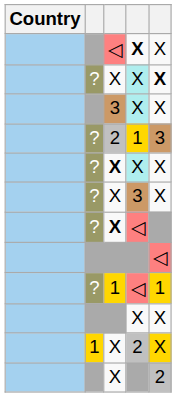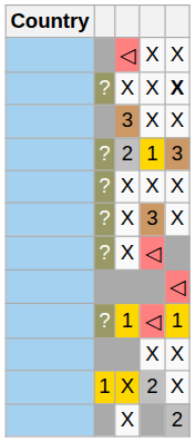 <table class="wikitable collapsible collapsed" style="margin:10px;text-align:center;">
 <tr>
 <th scope="col">Country</th>
 <th scope="col"></th>
 <th scope="col"></th>
 <th scope="col"></th>
 <th scope="col"></th>
 </tr>
 <tr>
 <td bgcolor="#A4D1EF" align=left> </td>
 <td bgcolor="#AAA"></td>
 <td bgcolor="FE8080">◁</td>
-<td><strong>X</strong></td>
+<td>X</td>
 <td>X</td>
 </tr>
 <tr>
 <td bgcolor="#A4D1EF" align=left> </td>
 <td style="background:#996;color:white;">?</td>
 <td>X</td>
-<td style="background: paleturquoise;">X</td>
+<td>X</td>
 <td><strong>X</strong></td>
 </tr>
 <tr>
 <td bgcolor="#A4D1EF" align=left> </td>
 <td bgcolor="#AAA"></td>
 <td style="background:#C96;">3</td>
-<td style="background: paleturquoise;">X</td>
+<td>X</td>
 <td>X</td>
 </tr>
 <tr>
 <td bgcolor="#A4D1EF" align=left> </td>
 <td style="background:#996;color:white;">?</td>
 <td style="background:silver">2</td>
 <td style="background:gold">1</td>
 <td style="background:#C96;">3</td>
 </tr>
 <tr>
 <td bgcolor="#A4D1EF" align=left> </td>
 <td style="background:#996;color:white;">?</td>
-<td><strong>X</strong></td>
-<td style="background: paleturquoise;">X</td>
+<td>X</td>
+<td>X</td>
 <td>X</td>
 </tr>
 <tr>
 <td bgcolor="#A4D1EF" align=left> </td>
 <td style="background:#996;color:white;">?</td>
 <td>X</td>
 <td style="background:#C96;">3</td>
 <td>X</td>
 </tr>
 <tr>
 <td bgcolor="#A4D1EF" align=left> </td>
 <td style="background:#996;color:white;">?</td>
-<td><strong>X</strong></td>
+<td>X</td>
 <td bgcolor="#FE8080">◁</td>
 <td bgcolor="#AAA"></td>
 </tr>
 <tr>
 <td bgcolor="#A4D1EF" align=left> </td>
 <td bgcolor="#AAA" colspan=3></td>
 <td bgcolor="#FE8080">◁</td>
 </tr>
 <tr>
 <td bgcolor="#A4D1EF" align=left> </td>
 <td style="background:#996;color:white;">?</td>
 <td style="background:gold">1</td>
 <td bgcolor="#FE8080">◁</td>
 <td style="background:gold">1</td>
 </tr>
 <tr>
 <td bgcolor="#A4D1EF" align=left> </td>
 <td bgcolor="#AAA" colspan=2></td>
 <td>X</td>
 <td>X</td>
 </tr>
 <tr>
 <td bgcolor="#A4D1EF" align=left> </td>
 <td style="background:gold">1</td>
+<td style="background: gold;">X</td>
+<td style="background:silver">2</td>
 <td>X</td>
-<td style="background:silver">2</td>
-<td style="background: gold;">X</td>
 </tr>
 <tr>
 <td bgcolor="#A4D1EF" align=left> </td>
 <td bgcolor="#AAA"></td>
 <td>X</td>
 <td bgcolor="#AAA"></td>
 <td style="background:silver">2</td>
 </tr>
 </table>
